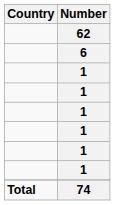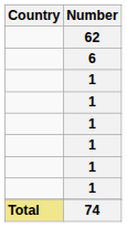 <table class="wikitable centre sortable">
 <tr>
 <th>Country</th>
 <th>Number</th>
 </tr>
 <tr>
 <td></td>
 <th>62</th>
 </tr>
 <tr>
 <td></td>
 <th>6</th>
 </tr>
 <tr>
 <td></td>
 <th>1</th>
 </tr>
 <tr>
 <td></td>
 <th>1</th>
 </tr>
 <tr>
 <td></td>
 <th>1</th>
 </tr>
 <tr>
 <td></td>
 <th>1</th>
 </tr>
 <tr>
 <td></td>
 <th>1</th>
 </tr>
 <tr>
 <td></td>
 <th>1</th>
 </tr>
 <tr>
 </tr>
 <tr class="sortbottom">
-<td><strong>Total</strong></td>
+<td style="background: khaki;"><strong>Total</strong></td>
 <th>74</th>
 </tr>
 </table>
